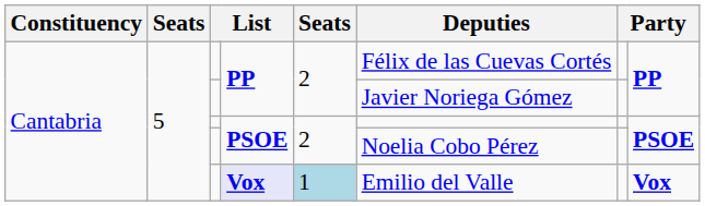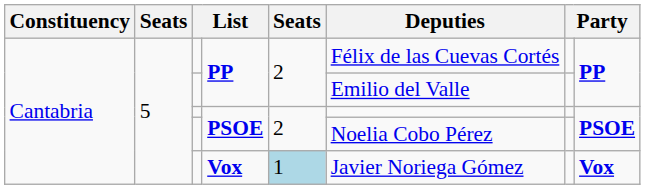 <table class="wikitable sortable">
 <tr>
 <th>Constituency</th>
 <th>Seats</th>
 <th colspan="2">List</th>
 <th>Seats</th>
 <th>Deputies</th>
 <th colspan="2">Party</th>
 </tr>
 <tr>
 <td rowspan="5"><a href='#'>Cantabria</a></td>
 <td rowspan="5">5</td>
 <td></td>
 <td rowspan="2"><strong><a href='#'>PP</a></strong></td>
 <td rowspan="2">2</td>
 <td><a href='#'>Félix de las Cuevas Cortés</a></td>
 <td></td>
 <td rowspan="2"><strong><a href='#'>PP</a></strong></td>
 </tr>
 <tr>
 <td></td>
-<td><a href='#'>Javier Noriega Gómez</a></td>
+<td><a href='#'>Emilio del Valle</a></td>
 <td></td>
 </tr>
 <tr>
 <td></td>
 <td rowspan=2><strong><a href='#'>PSOE</a></strong></td>
 <td rowspan="2">2</td>
 <td></td>
 <td></td>
 <td rowspan="2"><strong><a href='#'>PSOE</a></strong></td>
 </tr>
 <tr>
 <td></td>
 <td><a href='#'>Noelia Cobo Pérez</a></td>
 <td></td>
 </tr>
 <tr>
 <td></td>
-<td style="background: lavender;"><strong><a href='#'>Vox</a></strong></td>
+<td><strong><a href='#'>Vox</a></strong></td>
 <td style="background: lightblue;">1</td>
-<td><a href='#'>Emilio del Valle</a></td>
+<td><a href='#'>Javier Noriega Gómez</a></td>
 <td></td>
 <td><strong><a href='#'>Vox</a></strong></td>
 </tr>
 </table>
